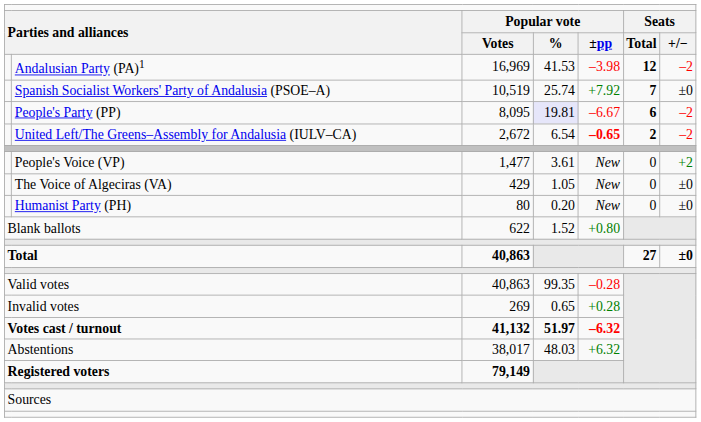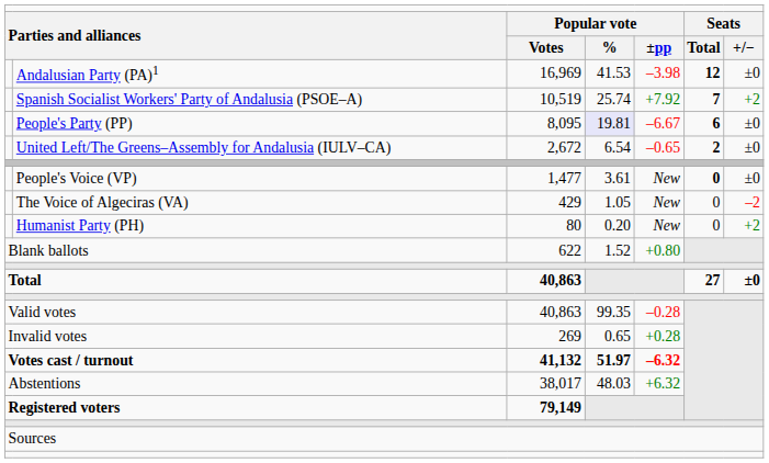 <table class="wikitable" style="text-align:right;">
 <tr>
 <td colspan="7"></td>
 </tr>
 <tr>
 <th style="text-align:left;" rowspan="2" colspan="2" width="525">Parties and alliances</th>
 <th colspan="3">Popular vote</th>
 <th colspan="2">Seats</th>
 </tr>
 <tr>
 <th width="75">Votes</th>
 <th width="45">%</th>
 <th width="45">±<a href='#'>pp</a></th>
 <th width="35">Total</th>
 <th width="35">+/−</th>
 </tr>
 <tr>
 <td width="1" style="color:inherit;background:"></td>
 <td align="left"><a href='#'>Andalusian Party</a> (PA)<sup>1</sup></td>
 <td>16,969</td>
 <td>41.53</td>
 <td style="color:red;">–3.98</td>
 <td><strong>12</strong></td>
-<td style="color:red;">–2</td>
+<td>±0</td>
 </tr>
 <tr>
 <td style="color:inherit;background:"></td>
 <td align="left"><a href='#'>Spanish Socialist Workers' Party of Andalusia</a> (PSOE–A)</td>
 <td>10,519</td>
 <td>25.74</td>
 <td style="color:green;">+7.92</td>
 <td><strong>7</strong></td>
-<td>±0</td>
+<td style="color:green;">+2</td>
 </tr>
 <tr>
 <td style="color:inherit;background:"></td>
 <td align="left"><a href='#'>People's Party</a> (PP)</td>
 <td>8,095</td>
 <td style="background: lavender;">19.81</td>
 <td style="color:red;">–6.67</td>
 <td><strong>6</strong></td>
-<td style="color:red;">–2</td>
+<td>±0</td>
 </tr>
 <tr>
 <td style="color:inherit;background:"></td>
 <td align="left"><a href='#'>United Left/The Greens–Assembly for Andalusia</a> (IULV–CA)</td>
 <td>2,672</td>
 <td>6.54</td>
-<td style="color:red;"><strong>–0.65</strong></td>
+<td style="color:red;">–0.65</td>
 <td><strong>2</strong></td>
-<td style="color:red;">–2</td>
+<td>±0</td>
 </tr>
 <tr>
 <td colspan="7" bgcolor="#C0C0C0"></td>
 </tr>
 <tr>
 <td style="color:inherit;background:"></td>
 <td align="left">People's Voice (VP)</td>
 <td>1,477</td>
 <td>3.61</td>
 <td><em>New</em></td>
-<td>0</td>
-<td style="color:green;">+2</td>
+<td><strong>0</strong></td>
+<td>±0</td>
 </tr>
 <tr>
 <td style="color:inherit;background:"></td>
 <td align="left">The Voice of Algeciras (VA)</td>
 <td>429</td>
 <td>1.05</td>
 <td><em>New</em></td>
 <td>0</td>
-<td>±0</td>
+<td style="color:red;">–2</td>
 </tr>
 <tr>
 <td style="color:inherit;background:"></td>
 <td align="left"><a href='#'>Humanist Party</a> (PH)</td>
 <td>80</td>
 <td>0.20</td>
 <td><em>New</em></td>
 <td>0</td>
-<td>±0</td>
+<td style="color:green;">+2</td>
 </tr>
 <tr>
 <td align="left" colspan="2">Blank ballots</td>
 <td>622</td>
 <td>1.52</td>
 <td style="color:green;">+0.80</td>
 <td bgcolor="#E9E9E9" colspan="2"></td>
 </tr>
 <tr>
 <td colspan="7" bgcolor="#E9E9E9"></td>
 </tr>
 <tr style="font-weight:bold;">
 <td align="left" colspan="2">Total</td>
 <td>40,863</td>
 <td bgcolor="#E9E9E9" colspan="2"></td>
 <td>27</td>
 <td>±0</td>
 </tr>
 <tr>
 <td colspan="7" bgcolor="#E9E9E9"></td>
 </tr>
 <tr>
 <td align="left" colspan="2">Valid votes</td>
 <td>40,863</td>
 <td>99.35</td>
 <td style="color:red;">–0.28</td>
 <td bgcolor="#E9E9E9" colspan="2" rowspan="5"></td>
 </tr>
 <tr>
 <td align="left" colspan="2">Invalid votes</td>
 <td>269</td>
 <td>0.65</td>
 <td style="color:green;">+0.28</td>
 </tr>
 <tr style="font-weight:bold;">
 <td align="left" colspan="2">Votes cast / turnout</td>
 <td>41,132</td>
 <td>51.97</td>
 <td style="color:red;">–6.32</td>
 </tr>
 <tr>
 <td align="left" colspan="2">Abstentions</td>
 <td>38,017</td>
 <td>48.03</td>
 <td style="color:green;">+6.32</td>
 </tr>
 <tr style="font-weight:bold;">
 <td align="left" colspan="2">Registered voters</td>
 <td>79,149</td>
 <td bgcolor="#E9E9E9" colspan="2"></td>
 </tr>
 <tr>
 <td colspan="7" bgcolor="#E9E9E9"></td>
 </tr>
 <tr>
 <td align="left" colspan="7">Sources</td>
 </tr>
 <tr>
 <td colspan="7" style="text-align:left; max-width:790px;"></td>
 </tr>
 </table>
